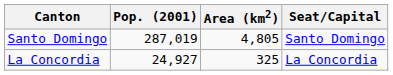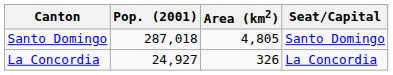 <table class="wikitable sortable">
 <tr>
 <th>Canton</th>
 <th>Pop. (2001)</th>
 <th>Area (km<sup>2</sup>)</th>
 <th>Seat/Capital</th>
 </tr>
 <tr>
 <td><a href='#'>Santo Domingo</a></td>
-<td align=right>287,019</td>
+<td align=right>287,018</td>
 <td align=right>4,805</td>
 <td><a href='#'>Santo Domingo</a></td>
 </tr>
 <tr>
 <td><a href='#'>La Concordia</a></td>
 <td align=right>24,927</td>
-<td align=right>325</td>
+<td align=right>326</td>
 <td><a href='#'>La Concordia</a></td>
 </tr>
 </table>
